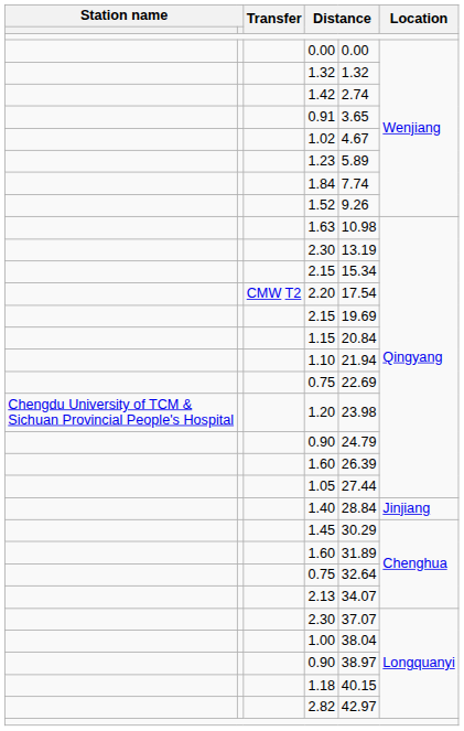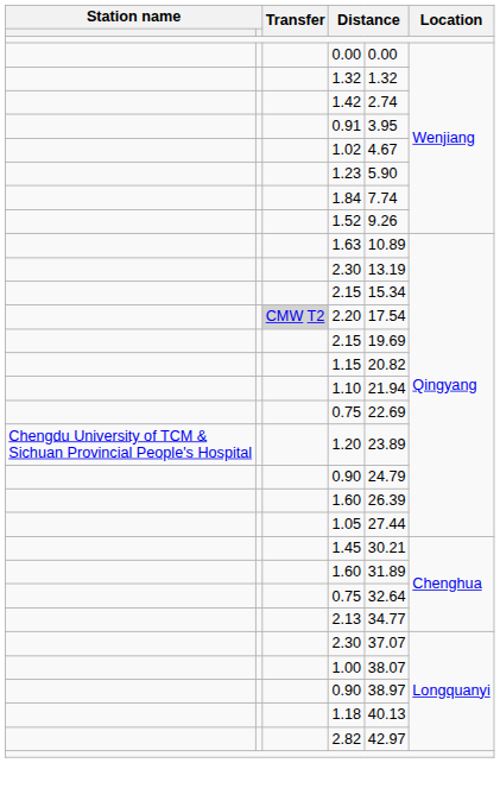 <table class="wikitable">
 <tr>
 <th colspan=2>Station name</th>
 <th rowspan=2>Transfer</th>
 <th colspan="2" rowspan="2">Distance<br></th>
 <th rowspan=2>Location</th>
 </tr>
 <tr>
 <th></th>
 <th></th>
 </tr>
 <tr style="background:#">
 <td colspan = "6"></td>
 </tr>
 <tr>
 <td></td>
 <td></td>
 <td></td>
 <td>0.00</td>
 <td>0.00</td>
 <td rowspan="8"><a href='#'>Wenjiang</a></td>
 </tr>
 <tr>
 <td></td>
 <td></td>
 <td></td>
 <td>1.32</td>
 <td>1.32</td>
 </tr>
 <tr>
 <td></td>
 <td></td>
 <td></td>
 <td>1.42</td>
 <td>2.74</td>
 </tr>
 <tr>
 <td></td>
 <td></td>
 <td></td>
 <td>0.91</td>
-<td>3.65</td>
+<td>3.95</td>
 </tr>
 <tr>
 <td></td>
 <td></td>
 <td></td>
 <td>1.02</td>
 <td>4.67</td>
 </tr>
 <tr>
 <td></td>
 <td></td>
 <td></td>
 <td>1.23</td>
-<td>5.89</td>
+<td>5.90</td>
 </tr>
 <tr>
 <td></td>
 <td></td>
 <td></td>
 <td>1.84</td>
 <td>7.74</td>
 </tr>
 <tr>
 <td></td>
 <td></td>
 <td></td>
 <td>1.52</td>
 <td>9.26</td>
 </tr>
 <tr>
 <td></td>
 <td></td>
 <td></td>
 <td>1.63</td>
-<td>10.98</td>
+<td>10.89</td>
 <td rowspan="12"><a href='#'>Qingyang</a></td>
 </tr>
 <tr>
 <td></td>
 <td></td>
 <td></td>
 <td>2.30</td>
 <td>13.19</td>
 </tr>
 <tr>
 <td></td>
 <td></td>
 <td></td>
 <td>2.15</td>
 <td>15.34</td>
 </tr>
 <tr>
 <td></td>
 <td></td>
-<td>  <a href='#'>CMW</a>  <a href='#'>T2</a></td>
+<td style="background: lightgrey;">  <a href='#'>CMW</a>  <a href='#'>T2</a></td>
 <td>2.20</td>
 <td>17.54</td>
 </tr>
 <tr>
 <td></td>
 <td></td>
 <td></td>
 <td>2.15</td>
 <td>19.69</td>
 </tr>
 <tr>
 <td></td>
 <td></td>
 <td></td>
 <td>1.15</td>
-<td>20.84</td>
+<td>20.82</td>
 </tr>
 <tr>
 <td></td>
 <td></td>
 <td></td>
 <td>1.10</td>
 <td>21.94</td>
 </tr>
 <tr>
 <td></td>
 <td></td>
 <td></td>
 <td>0.75</td>
 <td>22.69</td>
 </tr>
 <tr>
 <td><a href='#'>Chengdu University of TCM &<br>Sichuan Provincial People's Hospital</a></td>
 <td></td>
 <td> </td>
 <td>1.20</td>
-<td>23.98</td>
+<td>23.89</td>
 </tr>
 <tr>
 <td></td>
 <td></td>
 <td></td>
 <td>0.90</td>
 <td>24.79</td>
 </tr>
 <tr>
 <td></td>
 <td></td>
 <td></td>
 <td>1.60</td>
 <td>26.39</td>
 </tr>
 <tr>
 <td></td>
 <td></td>
 <td></td>
 <td>1.05</td>
 <td>27.44</td>
 </tr>
 <tr>
 <td></td>
 <td></td>
 <td></td>
-<td>1.40</td>
-<td>28.84</td>
-<td rowspan="1"><a href='#'>Jinjiang</a></td>
-</tr>
-<tr>
-<td></td>
-<td></td>
-<td></td>
 <td>1.45</td>
-<td>30.29</td>
+<td>30.21</td>
 <td rowspan="4"><a href='#'>Chenghua</a></td>
 </tr>
 <tr>
 <td></td>
 <td></td>
 <td></td>
 <td>1.60</td>
 <td>31.89</td>
 </tr>
 <tr>
 <td></td>
 <td></td>
 <td></td>
 <td>0.75</td>
 <td>32.64</td>
 </tr>
 <tr>
 <td></td>
 <td></td>
 <td></td>
 <td>2.13</td>
-<td>34.07</td>
+<td>34.77</td>
 </tr>
 <tr>
 <td></td>
 <td></td>
 <td></td>
 <td>2.30</td>
 <td>37.07</td>
 <td rowspan="5"><a href='#'>Longquanyi</a></td>
 </tr>
 <tr>
 <td></td>
 <td></td>
 <td></td>
 <td>1.00</td>
-<td>38.04</td>
+<td>38.07</td>
 </tr>
 <tr>
 <td></td>
 <td></td>
 <td></td>
 <td>0.90</td>
 <td>38.97</td>
 </tr>
 <tr>
 <td></td>
 <td></td>
 <td></td>
 <td>1.18</td>
-<td>40.15</td>
+<td>40.13</td>
 </tr>
 <tr>
 <td></td>
 <td></td>
 <td></td>
 <td>2.82</td>
 <td>42.97</td>
 </tr>
 <tr style="background:#">
 <td colspan = "6"></td>
 </tr>
 </table>
